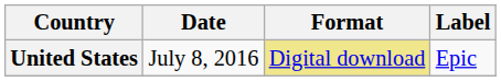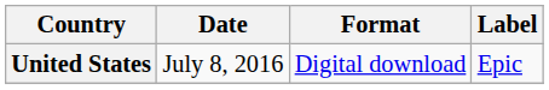 <table class="wikitable plainrowheaders">
 <tr>
 <th scope="col">Country</th>
 <th scope="col">Date</th>
 <th scope="col">Format</th>
 <th scope="col">Label</th>
 </tr>
 <tr>
 <th scope="row">United States</th>
 <td>July 8, 2016</td>
-<td style="background: khaki;"><a href='#'>Digital download</a></td>
+<td><a href='#'>Digital download</a></td>
 <td><a href='#'>Epic</a></td>
 </tr>
 <tr>
 </tr>
 </table>
